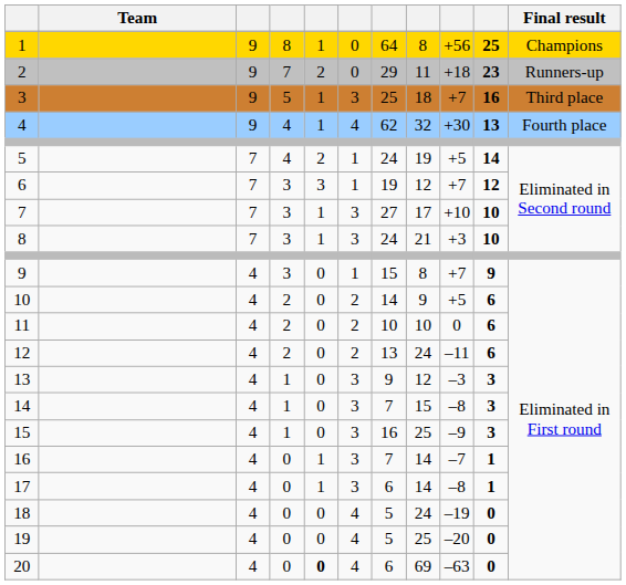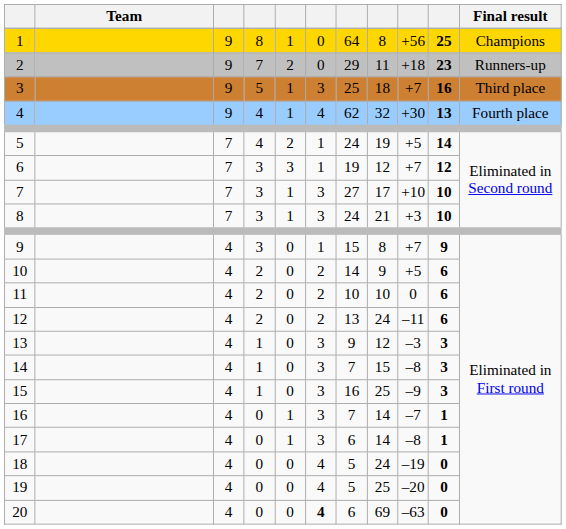 <table class=wikitable style="text-align:center">
 <tr>
 <th width="25"></th>
 <th width="180">Team</th>
 <th width="25"></th>
 <th width="25"></th>
 <th width="25"></th>
 <th width="25"></th>
 <th width="25"></th>
 <th width="25"></th>
 <th width="25"></th>
 <th width="25"></th>
 <th width="100">Final result</th>
 </tr>
 <tr>
 </tr>
 <tr style="background: #FFD700;">
 <td>1</td>
 <td align=left></td>
 <td>9</td>
 <td>8</td>
 <td>1</td>
 <td>0</td>
 <td>64</td>
 <td>8</td>
 <td>+56</td>
 <td><strong>25</strong></td>
 <td>Champions</td>
 </tr>
 <tr style="background: #C0C0C0;">
 <td>2</td>
 <td align=left></td>
 <td>9</td>
 <td>7</td>
 <td>2</td>
 <td>0</td>
 <td>29</td>
 <td>11</td>
 <td>+18</td>
 <td><strong>23</strong></td>
 <td>Runners-up</td>
 </tr>
 <tr style="background: #CD7F32;">
 <td>3</td>
 <td align=left></td>
 <td>9</td>
 <td>5</td>
 <td>1</td>
 <td>3</td>
 <td>25</td>
 <td>18</td>
 <td>+7</td>
 <td><strong>16</strong></td>
 <td>Third place</td>
 </tr>
 <tr bgcolor=#9acdff>
 <td>4</td>
 <td align=left></td>
 <td>9</td>
 <td>4</td>
 <td>1</td>
 <td>4</td>
 <td>62</td>
 <td>32</td>
 <td>+30</td>
 <td><strong>13</strong></td>
 <td>Fourth place</td>
 </tr>
 <tr style="border-top:8px solid #BBBBBB;">
 <td>5</td>
 <td align=left></td>
 <td>7</td>
 <td>4</td>
 <td>2</td>
 <td>1</td>
 <td>24</td>
 <td>19</td>
 <td>+5</td>
 <td><strong>14</strong></td>
 <td rowspan=4>Eliminated in <a href='#'>Second round</a></td>
 </tr>
 <tr>
 <td>6</td>
 <td align=left></td>
 <td>7</td>
 <td>3</td>
 <td>3</td>
 <td>1</td>
 <td>19</td>
 <td>12</td>
 <td>+7</td>
 <td><strong>12</strong></td>
 </tr>
 <tr>
 <td>7</td>
 <td align=left></td>
 <td>7</td>
 <td>3</td>
 <td>1</td>
 <td>3</td>
 <td>27</td>
 <td>17</td>
 <td>+10</td>
 <td><strong>10</strong></td>
 </tr>
 <tr>
 <td>8</td>
 <td align=left></td>
 <td>7</td>
 <td>3</td>
 <td>1</td>
 <td>3</td>
 <td>24</td>
 <td>21</td>
 <td>+3</td>
 <td><strong>10</strong></td>
 </tr>
 <tr style="border-top:8px solid #BBBBBB;">
 <td>9</td>
 <td align=left></td>
 <td>4</td>
 <td>3</td>
 <td>0</td>
 <td>1</td>
 <td>15</td>
 <td>8</td>
 <td>+7</td>
 <td><strong>9</strong></td>
 <td rowspan=12>Eliminated in <a href='#'>First round</a></td>
 </tr>
 <tr>
 <td>10</td>
 <td align=left></td>
 <td>4</td>
 <td>2</td>
 <td>0</td>
 <td>2</td>
 <td>14</td>
 <td>9</td>
 <td>+5</td>
 <td><strong>6</strong></td>
 </tr>
 <tr>
 <td>11</td>
 <td align=left></td>
 <td>4</td>
 <td>2</td>
 <td>0</td>
 <td>2</td>
 <td>10</td>
 <td>10</td>
 <td>0</td>
 <td><strong>6</strong></td>
 </tr>
 <tr>
 <td>12</td>
 <td align=left></td>
 <td>4</td>
 <td>2</td>
 <td>0</td>
 <td>2</td>
 <td>13</td>
 <td>24</td>
 <td>–11</td>
 <td><strong>6</strong></td>
 </tr>
 <tr>
 <td>13</td>
 <td align=left></td>
 <td>4</td>
 <td>1</td>
 <td>0</td>
 <td>3</td>
 <td>9</td>
 <td>12</td>
 <td>–3</td>
 <td><strong>3</strong></td>
 </tr>
 <tr>
 <td>14</td>
 <td align=left></td>
 <td>4</td>
 <td>1</td>
 <td>0</td>
 <td>3</td>
 <td>7</td>
 <td>15</td>
 <td>–8</td>
 <td><strong>3</strong></td>
 </tr>
 <tr>
 <td>15</td>
 <td align=left></td>
 <td>4</td>
 <td>1</td>
 <td>0</td>
 <td>3</td>
 <td>16</td>
 <td>25</td>
 <td>–9</td>
 <td><strong>3</strong></td>
 </tr>
 <tr>
 <td>16</td>
 <td align=left></td>
 <td>4</td>
 <td>0</td>
 <td>1</td>
 <td>3</td>
 <td>7</td>
 <td>14</td>
 <td>–7</td>
 <td><strong>1</strong></td>
 </tr>
 <tr>
 <td>17</td>
 <td align=left></td>
 <td>4</td>
 <td>0</td>
 <td>1</td>
 <td>3</td>
 <td>6</td>
 <td>14</td>
 <td>–8</td>
 <td><strong>1</strong></td>
 </tr>
 <tr>
 <td>18</td>
 <td align=left></td>
 <td>4</td>
 <td>0</td>
 <td>0</td>
 <td>4</td>
 <td>5</td>
 <td>24</td>
 <td>–19</td>
 <td><strong>0</strong></td>
 </tr>
 <tr>
 <td>19</td>
 <td align=left></td>
 <td>4</td>
 <td>0</td>
 <td>0</td>
 <td>4</td>
 <td>5</td>
 <td>25</td>
 <td>–20</td>
 <td><strong>0</strong></td>
 </tr>
 <tr>
 <td>20</td>
 <td align=left></td>
 <td>4</td>
 <td>0</td>
-<td><strong>0</strong></td>
-<td>4</td>
+<td>0</td>
+<td><strong>4</strong></td>
 <td>6</td>
 <td>69</td>
 <td>–63</td>
 <td><strong>0</strong></td>
 </tr>
 </table>
